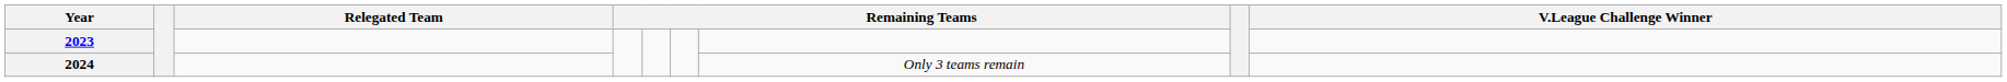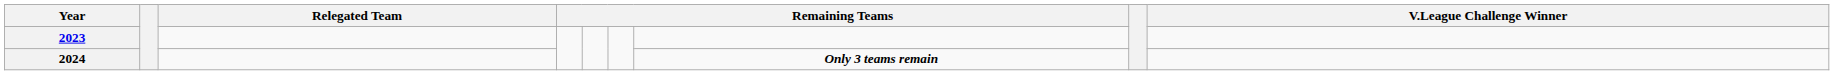 <table class="wikitable" style="font-size:90%; width: 100%; text-align: center;">
 <tr>
 <th>Year</th>
 <th rowspan="7" width="1%" bgcolor="#ffffff"></th>
 <th>Relegated Team</th>
 <th colspan="4">Remaining Teams</th>
 <th rowspan="7" width="1%" bgcolor="#ffffff"></th>
 <th>V.League Challenge Winner</th>
 </tr>
 <tr>
 <th><a href='#'>2023</a></th>
 <td></td>
 <td rowspan="2"> </td>
 <td rowspan="2"> </td>
 <td rowspan="2"> </td>
 <td> </td>
 <td></td>
 </tr>
 <tr>
 <th>2024</th>
 <td> </td>
-<td><em>Only 3 teams remain</em></td>
+<td><strong><em>Only 3 teams remain</em></strong></td>
 <td> </td>
 </tr>
 </table>
